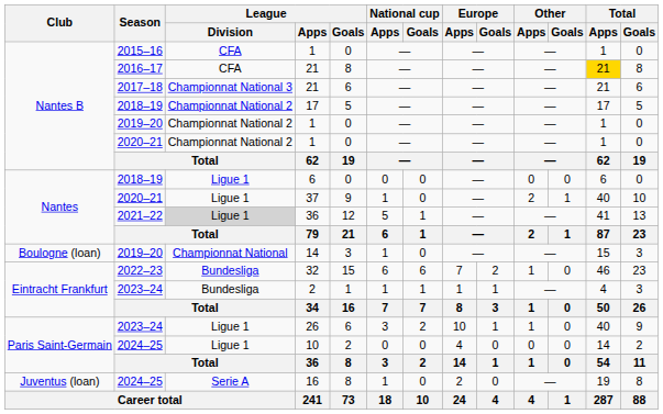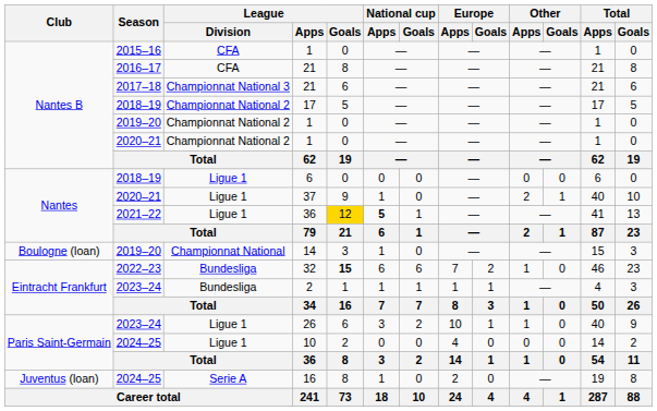 <table class="wikitable" style="text-align: center;">
 <tr>
 <th rowspan="2">Club</th>
 <th rowspan="2">Season</th>
 <th colspan="3">League</th>
 <th colspan="2">National cup</th>
 <th colspan="2">Europe</th>
 <th colspan="2">Other</th>
 <th colspan="2">Total</th>
 </tr>
 <tr>
 <th>Division</th>
 <th>Apps</th>
 <th>Goals</th>
 <th>Apps</th>
 <th>Goals</th>
 <th>Apps</th>
 <th>Goals</th>
 <th>Apps</th>
 <th>Goals</th>
 <th>Apps</th>
 <th>Goals</th>
 </tr>
 <tr>
 <td rowspan="7"><a href='#'>Nantes B</a></td>
 <td><a href='#'>2015–16</a></td>
 <td><a href='#'>CFA</a></td>
 <td>1</td>
 <td>0</td>
 <td colspan="2">—</td>
 <td colspan="2">—</td>
 <td colspan="2">—</td>
 <td>1</td>
 <td>0</td>
 </tr>
 <tr>
 <td><a href='#'>2016–17</a></td>
 <td>CFA</td>
 <td>21</td>
 <td>8</td>
 <td colspan="2">—</td>
 <td colspan="2">—</td>
 <td colspan="2">—</td>
-<td style="background: gold;">21</td>
+<td>21</td>
 <td>8</td>
 </tr>
 <tr>
 <td><a href='#'>2017–18</a></td>
 <td><a href='#'>Championnat National 3</a></td>
 <td>21</td>
 <td>6</td>
 <td colspan="2">—</td>
 <td colspan="2">—</td>
 <td colspan="2">—</td>
 <td>21</td>
 <td>6</td>
 </tr>
 <tr>
 <td><a href='#'>2018–19</a></td>
 <td><a href='#'>Championnat National 2</a></td>
 <td>17</td>
 <td>5</td>
 <td colspan="2">—</td>
 <td colspan="2">—</td>
 <td colspan="2">—</td>
 <td>17</td>
 <td>5</td>
 </tr>
 <tr>
 <td><a href='#'>2019–20</a></td>
 <td>Championnat National 2</td>
 <td>1</td>
 <td>0</td>
 <td colspan="2">—</td>
 <td colspan="2">—</td>
 <td colspan="2">—</td>
 <td>1</td>
 <td>0</td>
 </tr>
 <tr>
 <td><a href='#'>2020–21</a></td>
 <td>Championnat National 2</td>
 <td>1</td>
 <td>0</td>
 <td colspan="2">—</td>
 <td colspan="2">—</td>
 <td colspan="2">—</td>
 <td>1</td>
 <td>0</td>
 </tr>
 <tr>
 <th colspan="2">Total</th>
 <th>62</th>
 <th>19</th>
 <th colspan="2">—</th>
 <th colspan="2">—</th>
 <th colspan="2">—</th>
 <th>62</th>
 <th>19</th>
 </tr>
 <tr>
 <td rowspan="4"><a href='#'>Nantes</a></td>
 <td><a href='#'>2018–19</a></td>
 <td><a href='#'>Ligue 1</a></td>
 <td>6</td>
 <td>0</td>
 <td>0</td>
 <td>0</td>
 <td colspan="2">—</td>
 <td>0</td>
 <td>0</td>
 <td>6</td>
 <td>0</td>
 </tr>
 <tr>
 <td><a href='#'>2020–21</a></td>
 <td>Ligue 1</td>
 <td>37</td>
 <td>9</td>
 <td>1</td>
 <td>0</td>
 <td colspan="2">—</td>
 <td>2</td>
 <td>1</td>
 <td>40</td>
 <td>10</td>
 </tr>
 <tr>
 <td><a href='#'>2021–22</a></td>
-<td style="background: lightgrey;">Ligue 1</td>
+<td>Ligue 1</td>
 <td>36</td>
-<td>12</td>
-<td>5</td>
+<td style="background: gold;">12</td>
+<td><strong>5</strong></td>
 <td>1</td>
 <td colspan="2">—</td>
 <td colspan="2">—</td>
 <td>41</td>
 <td>13</td>
 </tr>
 <tr>
 <th colspan="2">Total</th>
 <th>79</th>
 <th>21</th>
 <th>6</th>
 <th>1</th>
 <th colspan="2">—</th>
 <th>2</th>
 <th>1</th>
 <th>87</th>
 <th>23</th>
 </tr>
 <tr>
 <td><a href='#'>Boulogne</a> (loan)</td>
 <td><a href='#'>2019–20</a></td>
 <td><a href='#'>Championnat National</a></td>
 <td>14</td>
 <td>3</td>
 <td>1</td>
 <td>0</td>
 <td colspan="2">—</td>
 <td colspan="2">—</td>
 <td>15</td>
 <td>3</td>
 </tr>
 <tr>
 <td rowspan="3"><a href='#'>Eintracht Frankfurt</a></td>
 <td><a href='#'>2022–23</a></td>
 <td><a href='#'>Bundesliga</a></td>
 <td>32</td>
-<td>15</td>
+<td><strong>15</strong></td>
 <td>6</td>
 <td>6</td>
 <td>7</td>
 <td>2</td>
 <td>1</td>
 <td>0</td>
 <td>46</td>
 <td>23</td>
 </tr>
 <tr>
 <td><a href='#'>2023–24</a></td>
 <td>Bundesliga</td>
 <td>2</td>
 <td>1</td>
 <td>1</td>
 <td>1</td>
 <td>1</td>
 <td>1</td>
 <td colspan="2">—</td>
 <td>4</td>
 <td>3</td>
 </tr>
 <tr>
 <th colspan="2">Total</th>
 <th>34</th>
 <th>16</th>
 <th>7</th>
 <th>7</th>
 <th>8</th>
 <th>3</th>
 <th>1</th>
 <th>0</th>
 <th>50</th>
 <th>26</th>
 </tr>
 <tr>
 <td rowspan="3"><a href='#'>Paris Saint-Germain</a></td>
 <td><a href='#'>2023–24</a></td>
 <td>Ligue 1</td>
 <td>26</td>
 <td>6</td>
 <td>3</td>
 <td>2</td>
 <td>10</td>
 <td>1</td>
 <td>1</td>
 <td>0</td>
 <td>40</td>
 <td>9</td>
 </tr>
 <tr>
 <td><a href='#'>2024–25</a></td>
 <td>Ligue 1</td>
 <td>10</td>
 <td>2</td>
 <td>0</td>
 <td>0</td>
 <td>4</td>
 <td>0</td>
 <td>0</td>
 <td>0</td>
 <td>14</td>
 <td>2</td>
 </tr>
 <tr>
 <th colspan="2">Total</th>
 <th>36</th>
 <th>8</th>
 <th>3</th>
 <th>2</th>
 <th>14</th>
 <th>1</th>
 <th>1</th>
 <th>0</th>
 <th>54</th>
 <th>11</th>
 </tr>
 <tr>
 <td><a href='#'>Juventus</a> (loan)</td>
 <td><a href='#'>2024–25</a></td>
 <td><a href='#'>Serie A</a></td>
 <td>16</td>
 <td>8</td>
 <td>1</td>
 <td>0</td>
 <td>2</td>
 <td>0</td>
 <td colspan="2">—</td>
 <td>19</td>
 <td>8</td>
 </tr>
 <tr>
 <th colspan="3">Career total</th>
 <th>241</th>
 <th>73</th>
 <th>18</th>
 <th>10</th>
 <th>24</th>
 <th>4</th>
 <th>4</th>
 <th>1</th>
 <th>287</th>
 <th>88</th>
 </tr>
 </table>
